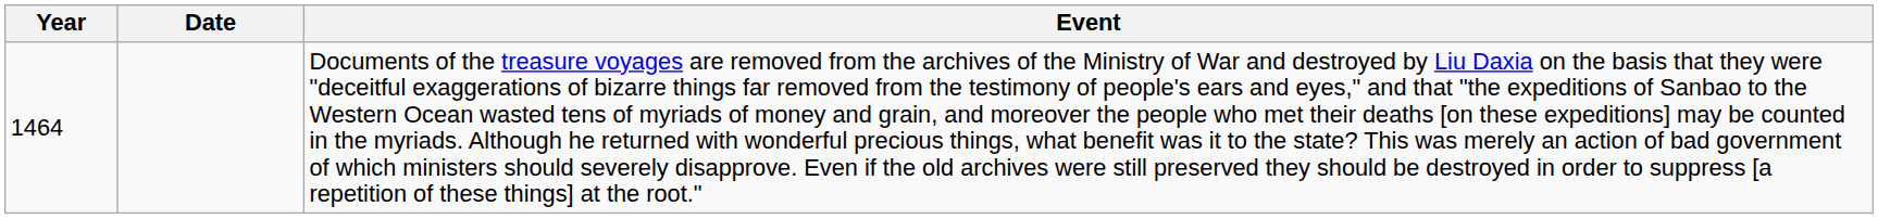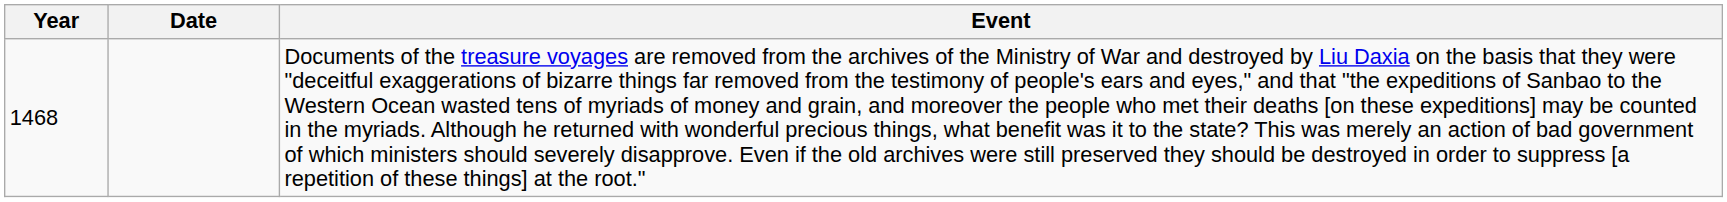 <table class="wikitable" width="100%">
 <tr>
 <th style="width:6%">Year</th>
 <th style="width:10%">Date</th>
 <th>Event</th>
 </tr>
 <tr>
-<td>1464</td>
+<td>1468</td>
 <td></td>
 <td>Documents of the <a href='#'>treasure voyages</a> are removed from the archives of the Ministry of War and destroyed by <a href='#'>Liu Daxia</a> on the basis that they were "deceitful exaggerations of bizarre things far removed from the testimony of people's ears and eyes," and that "the expeditions of Sanbao to the Western Ocean wasted tens of myriads of money and grain, and moreover the people who met their deaths [on these expeditions] may be counted in the myriads. Although he returned with wonderful precious things, what benefit was it to the state? This was merely an action of bad government of which ministers should severely disapprove. Even if the old archives were still preserved they should be destroyed in order to suppress [a repetition of these things] at the root."</td>
 </tr>
 </table>
